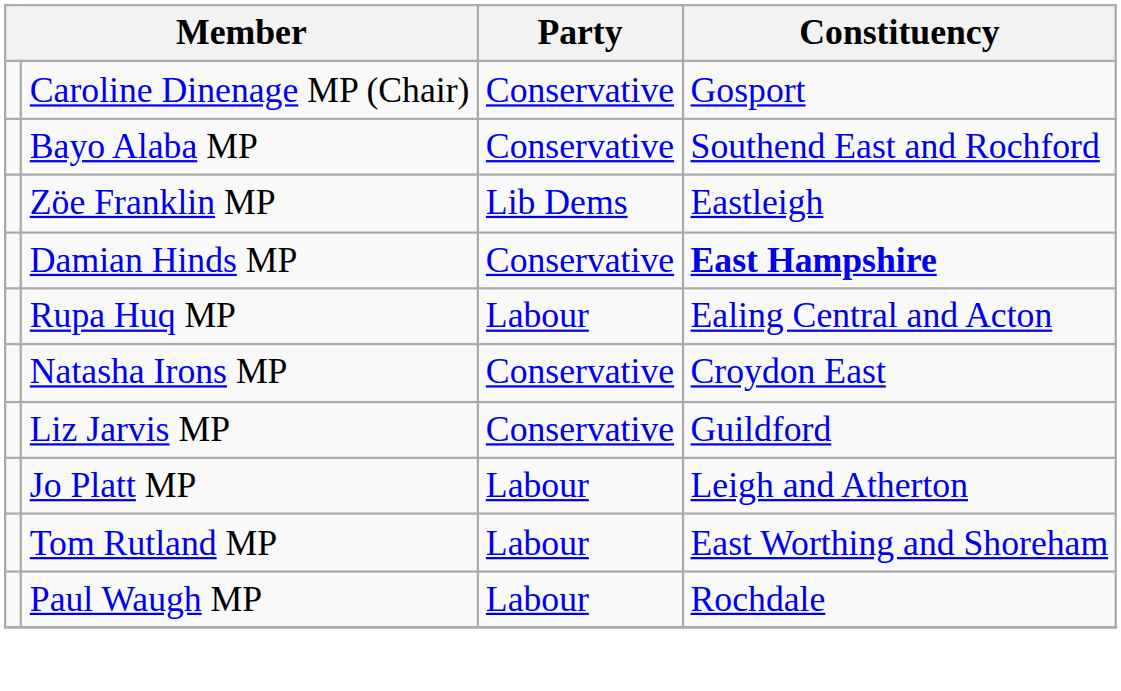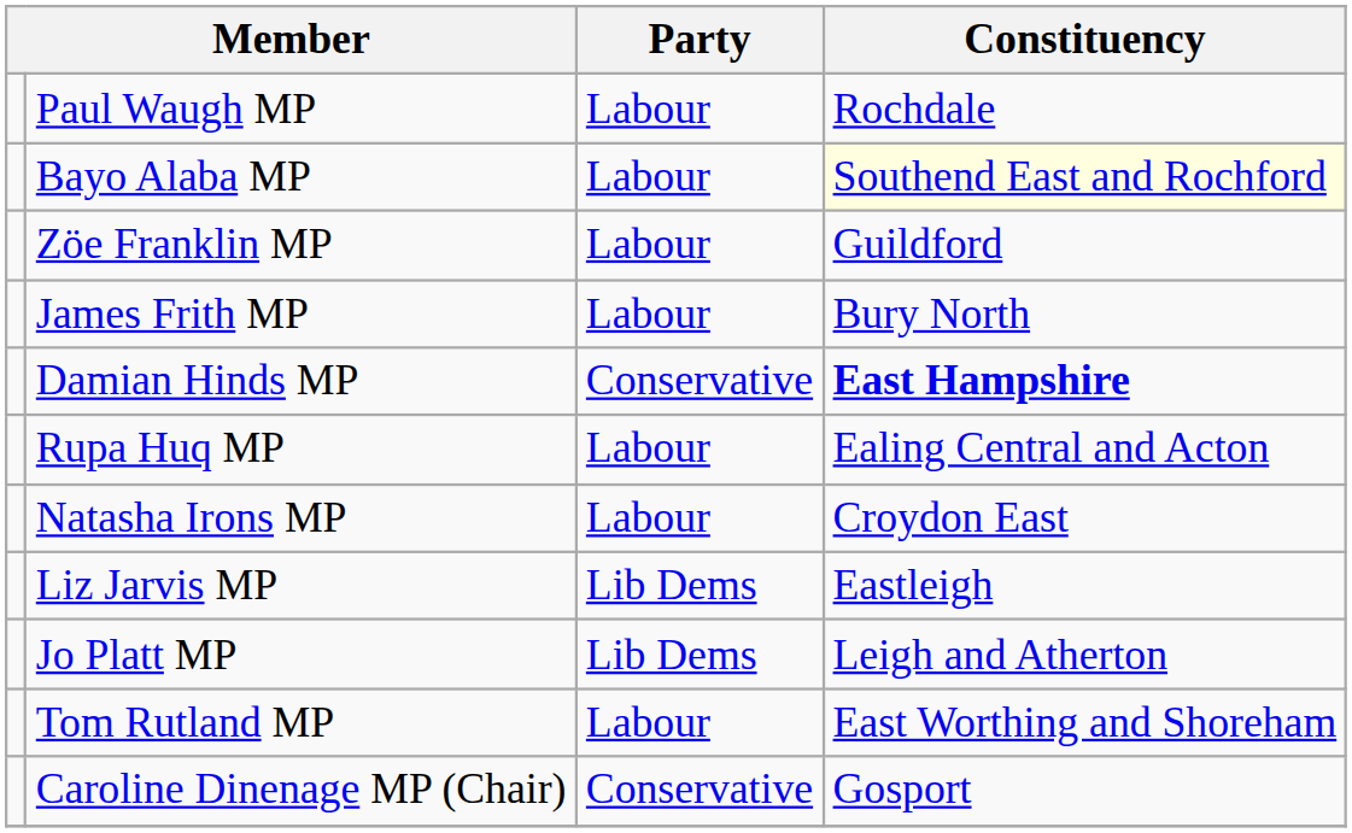 <table class="wikitable">
 <tr>
 <th colspan=2>Member</th>
 <th>Party</th>
 <th>Constituency</th>
 </tr>
 <tr>
 <td style="color:inherit;background:"></td>
-<td><a href='#'>Caroline Dinenage</a> MP (Chair)</td>
-<td><a href='#'>Conservative</a></td>
-<td><a href='#'>Gosport</a></td>
+<td><a href='#'>Paul Waugh</a> MP</td>
+<td><a href='#'>Labour</a></td>
+<td><a href='#'>Rochdale</a></td>
 </tr>
 <tr>
 <td style="color:inherit;background:"></td>
 <td><a href='#'>Bayo Alaba</a> MP</td>
-<td><a href='#'>Conservative</a></td>
-<td><a href='#'>Southend East and Rochford</a></td>
+<td><a href='#'>Labour</a></td>
+<td style="background: lightyellow;"><a href='#'>Southend East and Rochford</a></td>
 </tr>
 <tr>
 <td style="color:inherit;background:"></td>
 <td><a href='#'>Zöe Franklin</a> MP</td>
-<td><a href='#'>Lib Dems</a></td>
-<td><a href='#'>Eastleigh</a></td>
+<td><a href='#'>Labour</a></td>
+<td><a href='#'>Guildford</a></td>
+</tr>
+<tr>
+<td style="color:inherit;background:"></td>
+<td><a href='#'>James Frith</a> MP</td>
+<td><a href='#'>Labour</a></td>
+<td><a href='#'>Bury North</a></td>
 </tr>
 <tr>
 <td style="color:inherit;background:"></td>
 <td><a href='#'>Damian Hinds</a> MP</td>
 <td><a href='#'>Conservative</a></td>
 <td><strong><a href='#'>East Hampshire</a></strong></td>
 </tr>
 <tr>
 <td style="color:inherit;background:"></td>
 <td><a href='#'>Rupa Huq</a> MP</td>
 <td><a href='#'>Labour</a></td>
 <td><a href='#'>Ealing Central and Acton</a></td>
 </tr>
 <tr>
 <td style="color:inherit;background:"></td>
 <td><a href='#'>Natasha Irons</a> MP</td>
-<td><a href='#'>Conservative</a></td>
+<td><a href='#'>Labour</a></td>
 <td><a href='#'>Croydon East</a></td>
 </tr>
 <tr>
 <td style="color:inherit;background:"></td>
 <td><a href='#'>Liz Jarvis</a> MP</td>
-<td><a href='#'>Conservative</a></td>
-<td><a href='#'>Guildford</a></td>
+<td><a href='#'>Lib Dems</a></td>
+<td><a href='#'>Eastleigh</a></td>
 </tr>
 <tr>
 <td style="color:inherit;background:"></td>
 <td><a href='#'>Jo Platt</a> MP</td>
-<td><a href='#'>Labour</a></td>
+<td><a href='#'>Lib Dems</a></td>
 <td><a href='#'>Leigh and Atherton</a></td>
 </tr>
 <tr>
 <td style="color:inherit;background:"></td>
 <td><a href='#'>Tom Rutland</a> MP</td>
 <td><a href='#'>Labour</a></td>
 <td><a href='#'>East Worthing and Shoreham</a></td>
 </tr>
 <tr>
 <td style="color:inherit;background:"></td>
-<td><a href='#'>Paul Waugh</a> MP</td>
-<td><a href='#'>Labour</a></td>
-<td><a href='#'>Rochdale</a></td>
+<td><a href='#'>Caroline Dinenage</a> MP (Chair)</td>
+<td><a href='#'>Conservative</a></td>
+<td><a href='#'>Gosport</a></td>
 </tr>
 <tr>
 </tr>
 </table>
